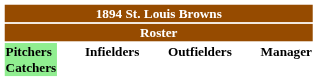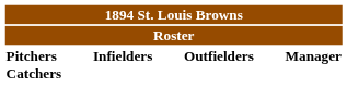 <table class="toccolours" style="font-size: 95%;">
 <tr>
 <th colspan="10" style="background-color: #964B00; color: white; text-align: center;">1894 St. Louis Browns</th>
 </tr>
 <tr>
 <td colspan="10" style="background-color: #964B00; color: white; text-align: center;"><strong>Roster</strong></td>
 </tr>
 <tr>
-<td valign="top" style="background: lightgreen;"><strong>Pitchers</strong><br>     <strong>Catchers</strong>  </td>
+<td valign="top"><strong>Pitchers</strong><br>     <strong>Catchers</strong>  </td>
 <td width="25px"></td>
 <td valign="top"><strong>Infielders</strong><br>        </td>
 <td width="25px"></td>
 <td valign="top"><strong>Outfielders</strong><br>        </td>
 <td width="25px"></td>
 <td valign="top"><strong>Manager</strong><br></td>
 </tr>
 </table>
